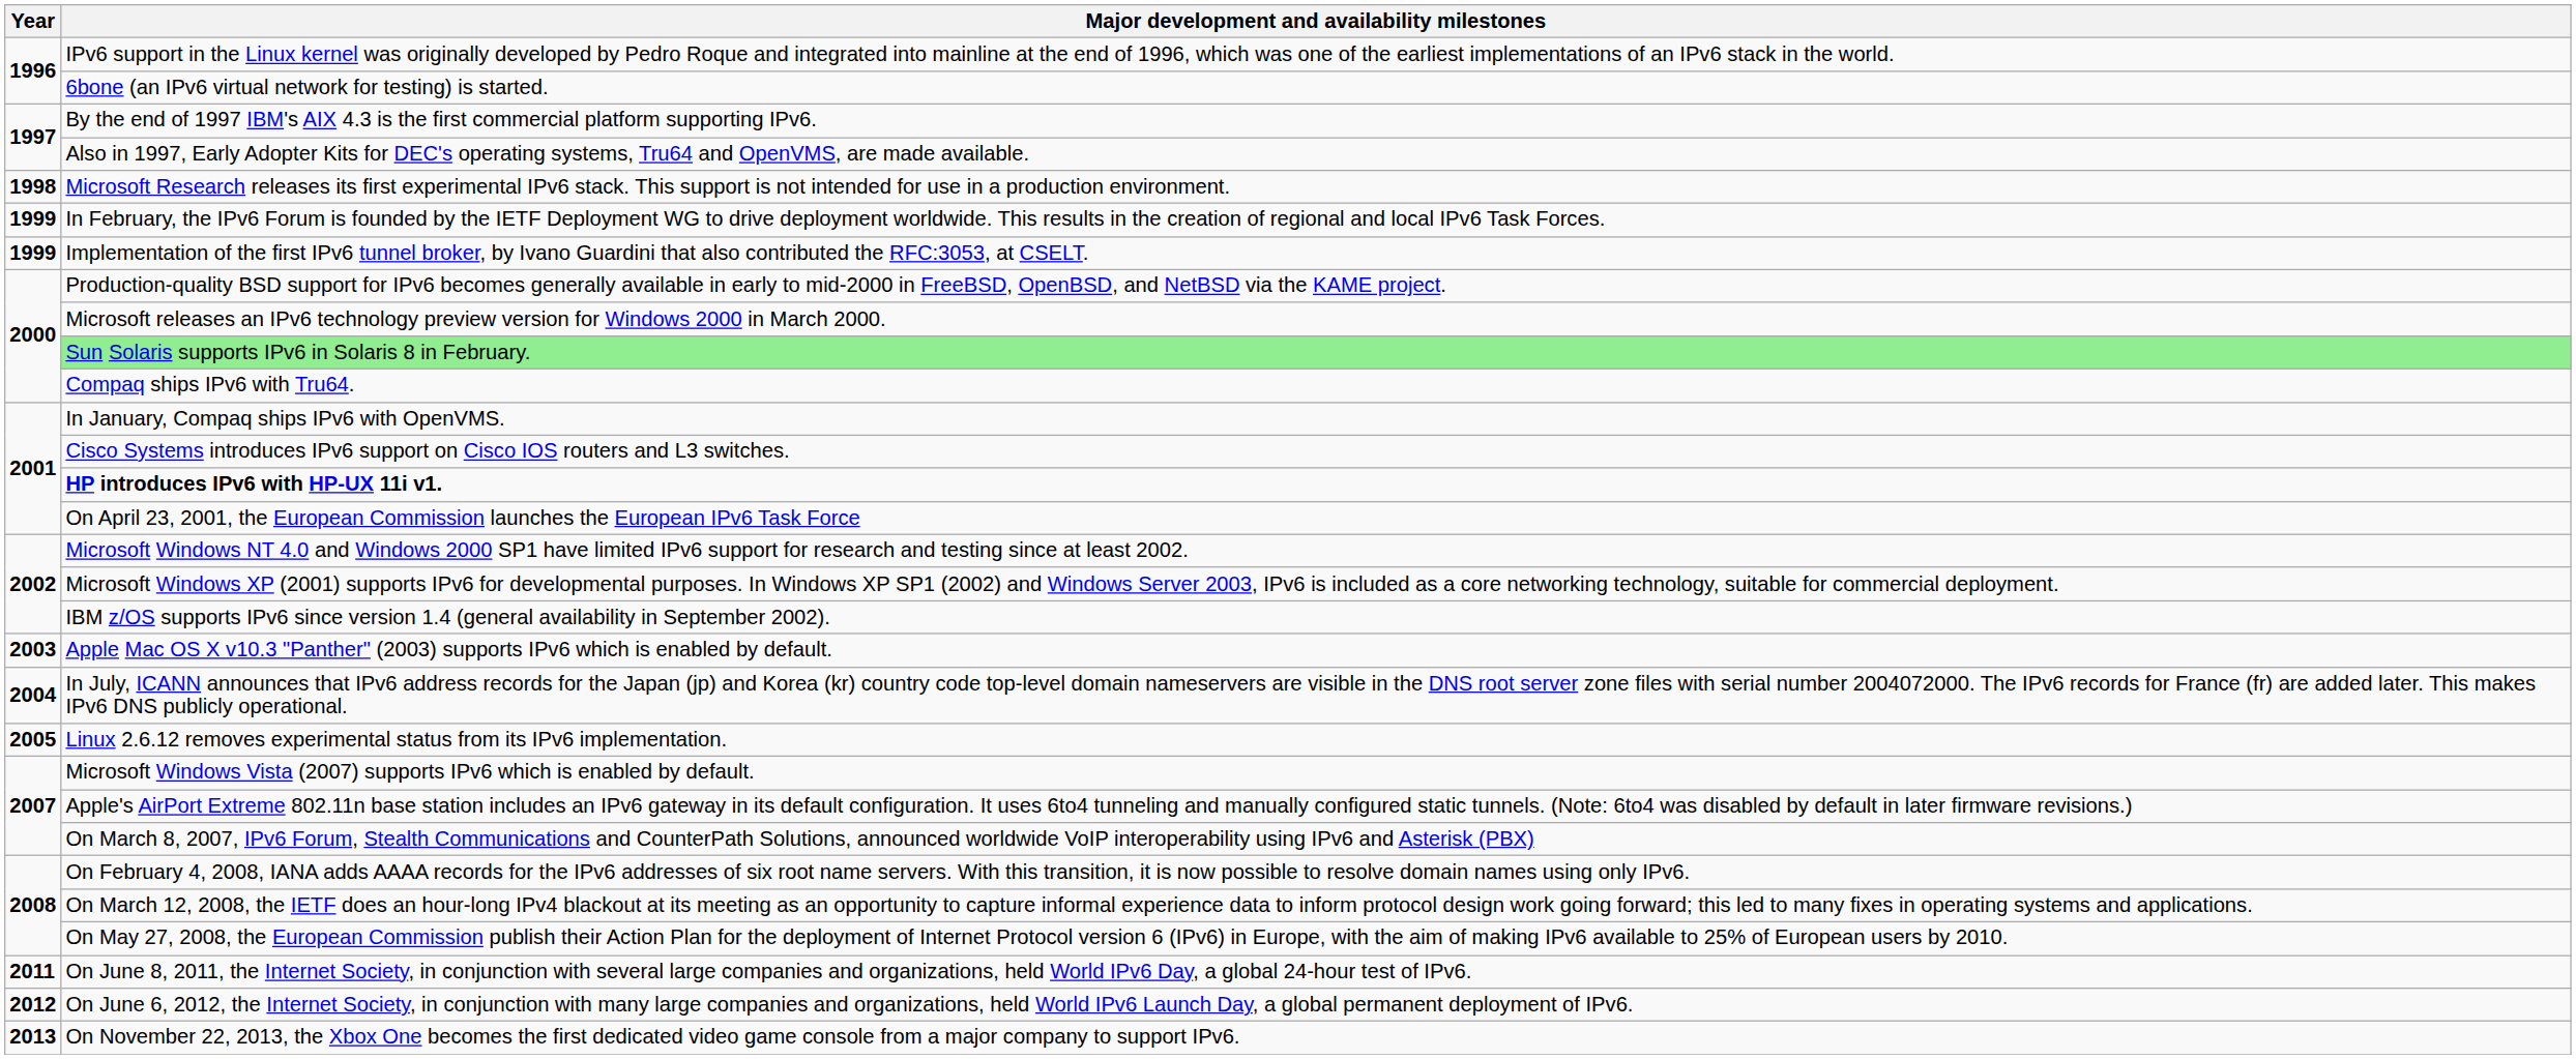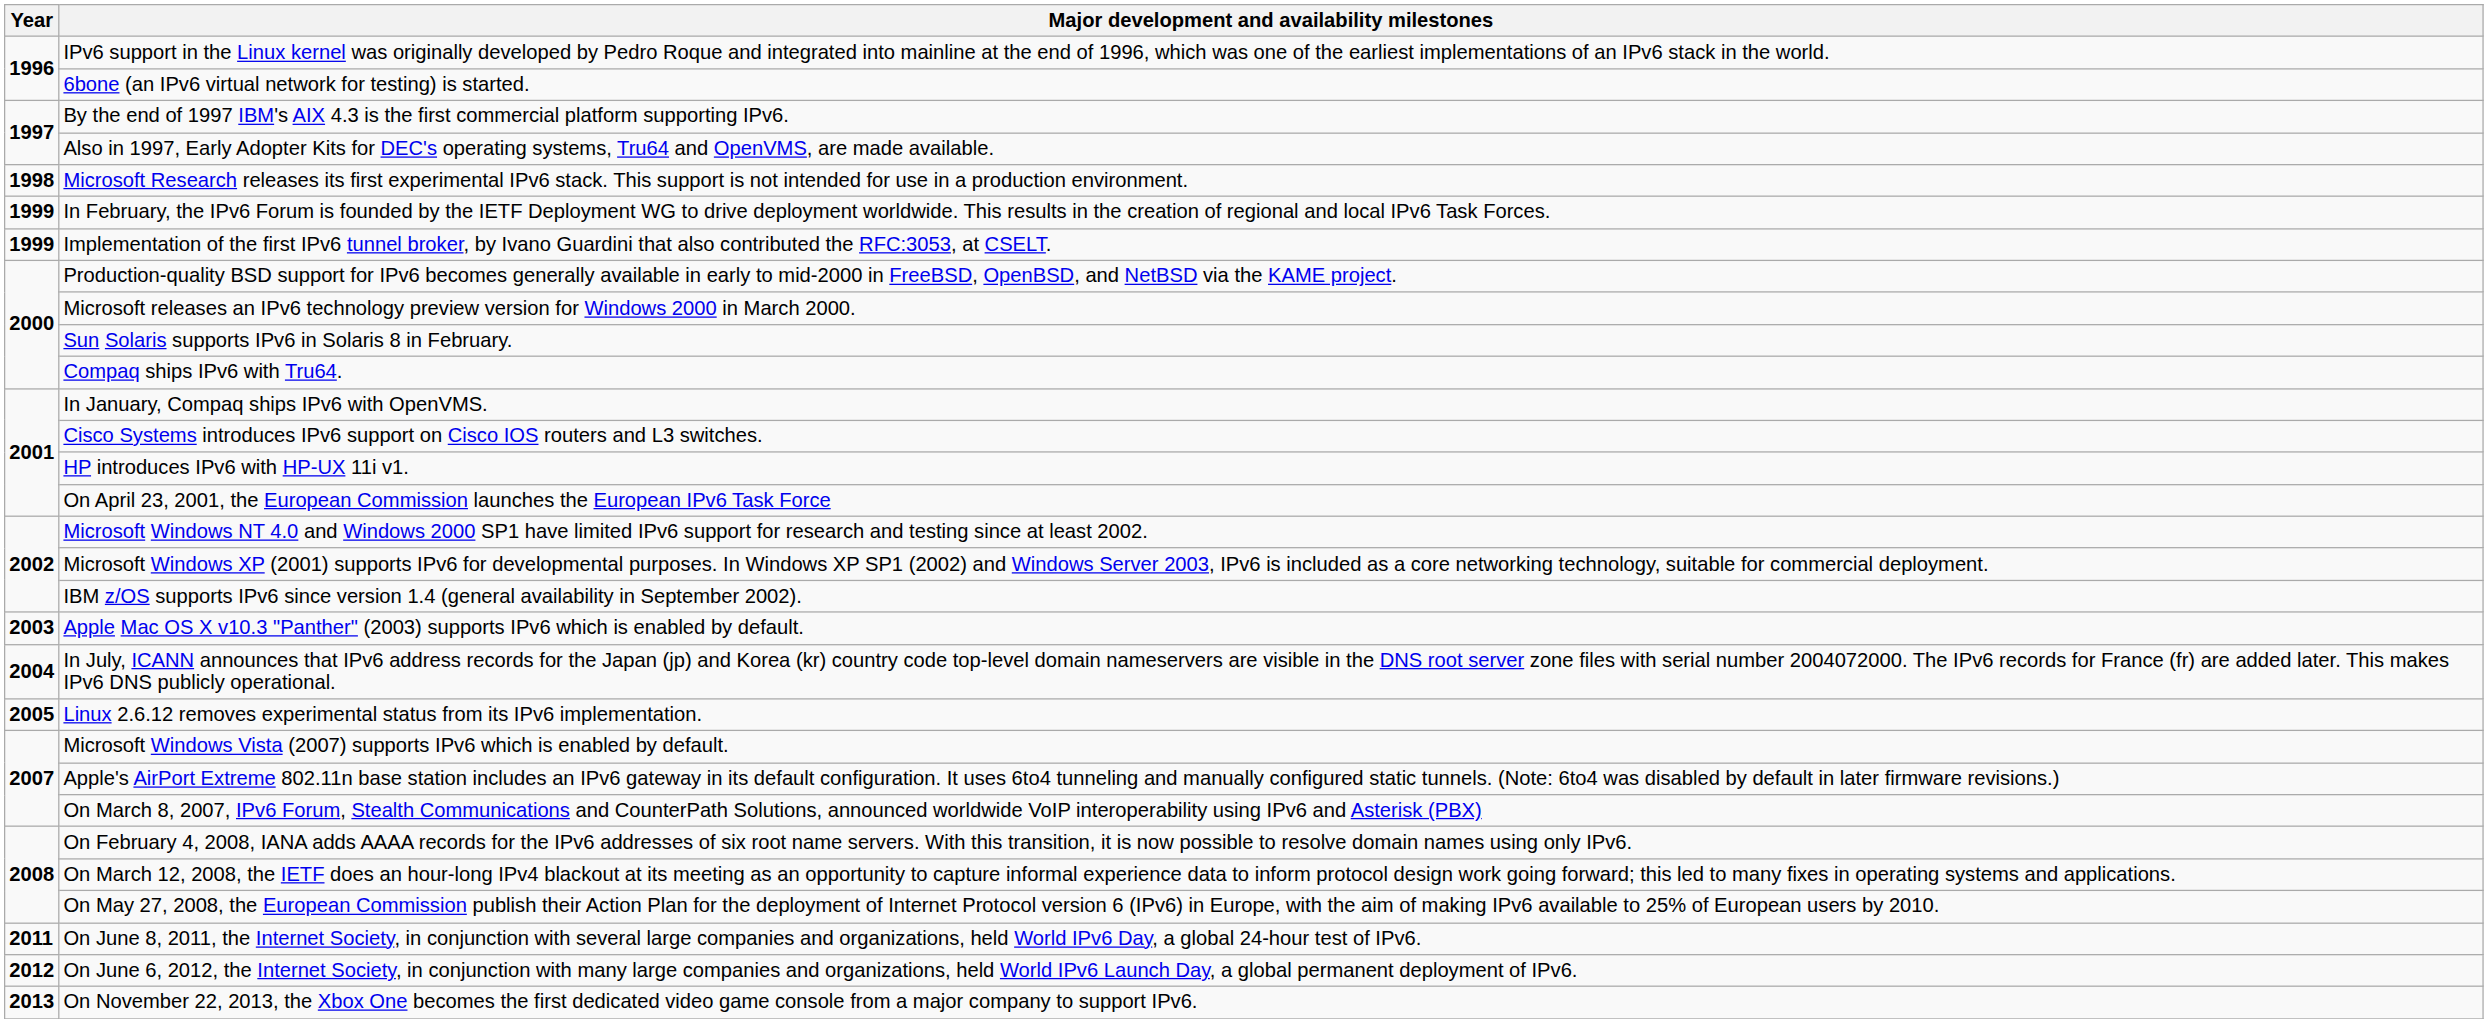 <table class=wikitable>
 <tr>
 <th>Year</th>
 <th>Major development and availability milestones</th>
 </tr>
 <tr>
 <td rowspan=2><strong>1996</strong></td>
 <td>IPv6 support in the <a href='#'>Linux kernel</a> was originally developed by Pedro Roque and integrated into mainline at the end of 1996, which was one of the earliest implementations of an IPv6 stack in the world.</td>
 </tr>
 <tr>
 <td><a href='#'>6bone</a> (an IPv6 virtual network for testing) is started.</td>
 </tr>
 <tr>
 <td rowspan=2 style=vertical-align:center><strong>1997</strong></td>
 <td>By the end of 1997 <a href='#'>IBM</a>'s <a href='#'>AIX</a> 4.3 is the first commercial platform supporting IPv6.</td>
 </tr>
 <tr>
 <td>Also in 1997, Early Adopter Kits for <a href='#'>DEC's</a> operating systems, <a href='#'>Tru64</a> and <a href='#'>OpenVMS</a>, are made available.</td>
 </tr>
 <tr>
 <td><strong>1998</strong></td>
 <td><a href='#'>Microsoft Research</a> releases its first experimental IPv6 stack. This support is not intended for use in a production environment.</td>
 </tr>
 <tr>
 <td><strong>1999</strong></td>
 <td>In February, the IPv6 Forum is founded by the IETF Deployment WG to drive deployment worldwide. This results in the creation of regional and local IPv6 Task Forces.</td>
 </tr>
 <tr>
 <td><strong>1999</strong></td>
 <td>Implementation of the first IPv6 <a href='#'>tunnel broker</a>, by Ivano Guardini that also contributed the <a href='#'>RFC:3053</a>, at <a href='#'>CSELT</a>.</td>
 </tr>
 <tr>
 <td rowspan=4 style=vertical-align:center><strong>2000</strong></td>
 <td>Production-quality BSD support for IPv6 becomes generally available in early to mid-2000 in <a href='#'>FreeBSD</a>, <a href='#'>OpenBSD</a>, and <a href='#'>NetBSD</a> via the <a href='#'>KAME project</a>.</td>
 </tr>
 <tr>
 <td>Microsoft releases an IPv6 technology preview version for <a href='#'>Windows 2000</a> in March 2000.</td>
 </tr>
 <tr>
-<td style="background: lightgreen;"><a href='#'>Sun</a> <a href='#'>Solaris</a> supports IPv6 in Solaris 8 in February.</td>
+<td><a href='#'>Sun</a> <a href='#'>Solaris</a> supports IPv6 in Solaris 8 in February.</td>
 </tr>
 <tr>
 <td><a href='#'>Compaq</a> ships IPv6 with <a href='#'>Tru64</a>.</td>
 </tr>
 <tr>
 <td rowspan=4 style=vertical-align:center><strong>2001</strong></td>
 <td>In January, Compaq ships IPv6 with OpenVMS.</td>
 </tr>
 <tr>
 <td><a href='#'>Cisco Systems</a> introduces IPv6 support on <a href='#'>Cisco IOS</a> routers and L3 switches.</td>
 </tr>
 <tr>
-<td><strong><a href='#'>HP</a> introduces IPv6 with <a href='#'>HP-UX</a> 11i v1.</strong></td>
+<td><a href='#'>HP</a> introduces IPv6 with <a href='#'>HP-UX</a> 11i v1.</td>
 </tr>
 <tr>
 <td>On April 23, 2001, the <a href='#'>European Commission</a> launches the <a href='#'>European IPv6 Task Force</a></td>
 </tr>
 <tr>
 <td rowspan=3 style=vertical-align:center><strong>2002</strong></td>
 <td><a href='#'>Microsoft</a> <a href='#'>Windows NT 4.0</a> and <a href='#'>Windows 2000</a> SP1 have limited IPv6 support for research and testing since at least 2002.</td>
 </tr>
 <tr>
 <td>Microsoft <a href='#'>Windows XP</a> (2001) supports IPv6 for developmental purposes. In Windows XP SP1 (2002) and <a href='#'>Windows Server 2003</a>, IPv6 is included as a core networking technology, suitable for commercial deployment.</td>
 </tr>
 <tr>
 <td>IBM <a href='#'>z/OS</a> supports IPv6 since version 1.4 (general availability in September 2002).</td>
 </tr>
 <tr>
 <td style=vertical-align:center><strong>2003</strong></td>
 <td><a href='#'>Apple</a> <a href='#'>Mac OS X v10.3 "Panther"</a> (2003) supports IPv6 which is enabled by default.</td>
 </tr>
 <tr>
 <td style=vertical-align:center><strong>2004</strong></td>
 <td>In July, <a href='#'>ICANN</a> announces that IPv6 address records for the Japan (jp) and Korea (kr) country code top-level domain nameservers are visible in the <a href='#'>DNS root server</a> zone files with serial number 2004072000. The IPv6 records for France (fr) are added later. This makes IPv6 DNS publicly operational.</td>
 </tr>
 <tr>
 <td style=vertical-align:center><strong>2005</strong></td>
 <td><a href='#'>Linux</a> 2.6.12 removes experimental status from its IPv6 implementation.</td>
 </tr>
 <tr>
 <td rowspan=3 style=vertical-align:center><strong>2007</strong></td>
 <td>Microsoft <a href='#'>Windows Vista</a> (2007) supports IPv6 which is enabled by default.</td>
 </tr>
 <tr>
 <td>Apple's <a href='#'>AirPort Extreme</a> 802.11n base station includes an IPv6 gateway in its default configuration. It uses 6to4 tunneling and manually configured static tunnels. (Note: 6to4 was disabled by default in later firmware revisions.)</td>
 </tr>
 <tr>
 <td>On March 8, 2007, <a href='#'>IPv6 Forum</a>, <a href='#'>Stealth Communications</a> and CounterPath Solutions, announced worldwide VoIP interoperability using IPv6 and <a href='#'>Asterisk (PBX)</a></td>
 </tr>
 <tr>
 <td rowspan=3 style=vertical-align:center><strong>2008</strong></td>
 <td>On February 4, 2008, IANA adds AAAA records for the IPv6 addresses of six root name servers. With this transition, it is now possible to resolve domain names using only IPv6.</td>
 </tr>
 <tr>
 <td>On March 12, 2008, the <a href='#'>IETF</a> does an hour-long IPv4 blackout at its meeting as an opportunity to capture informal experience data to inform protocol design work going forward; this led to many fixes in operating systems and applications.</td>
 </tr>
 <tr>
 <td>On May 27, 2008, the <a href='#'>European Commission</a> publish their Action Plan for the deployment of Internet Protocol version 6 (IPv6) in Europe, with the aim of making IPv6 available to 25% of European users by 2010.</td>
 </tr>
 <tr>
 <td style=vertical-align:center><strong>2011</strong></td>
 <td>On June 8, 2011, the <a href='#'>Internet Society</a>, in conjunction with several large companies and organizations, held <a href='#'>World IPv6 Day</a>, a global 24-hour test of IPv6.</td>
 </tr>
 <tr>
 <td style=vertical-align:center><strong>2012</strong></td>
 <td>On June 6, 2012, the <a href='#'>Internet Society</a>, in conjunction with many large companies and organizations, held <a href='#'>World IPv6 Launch Day</a>, a global permanent deployment of IPv6.</td>
 </tr>
 <tr>
 <td style=vertical-align:center><strong>2013</strong></td>
 <td>On November 22, 2013, the <a href='#'>Xbox One</a> becomes the first dedicated video game console from a major company to support IPv6.</td>
 </tr>
 </table>
